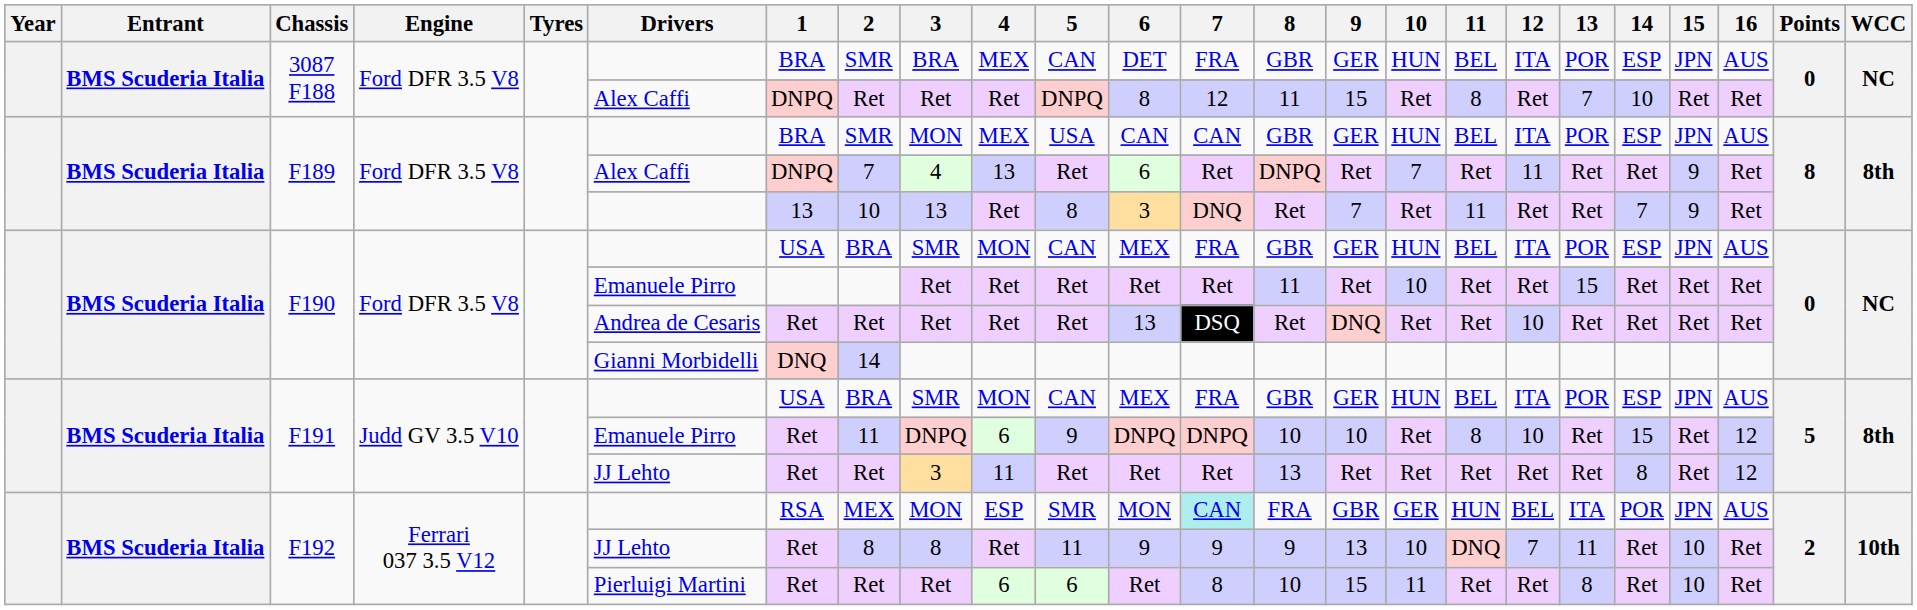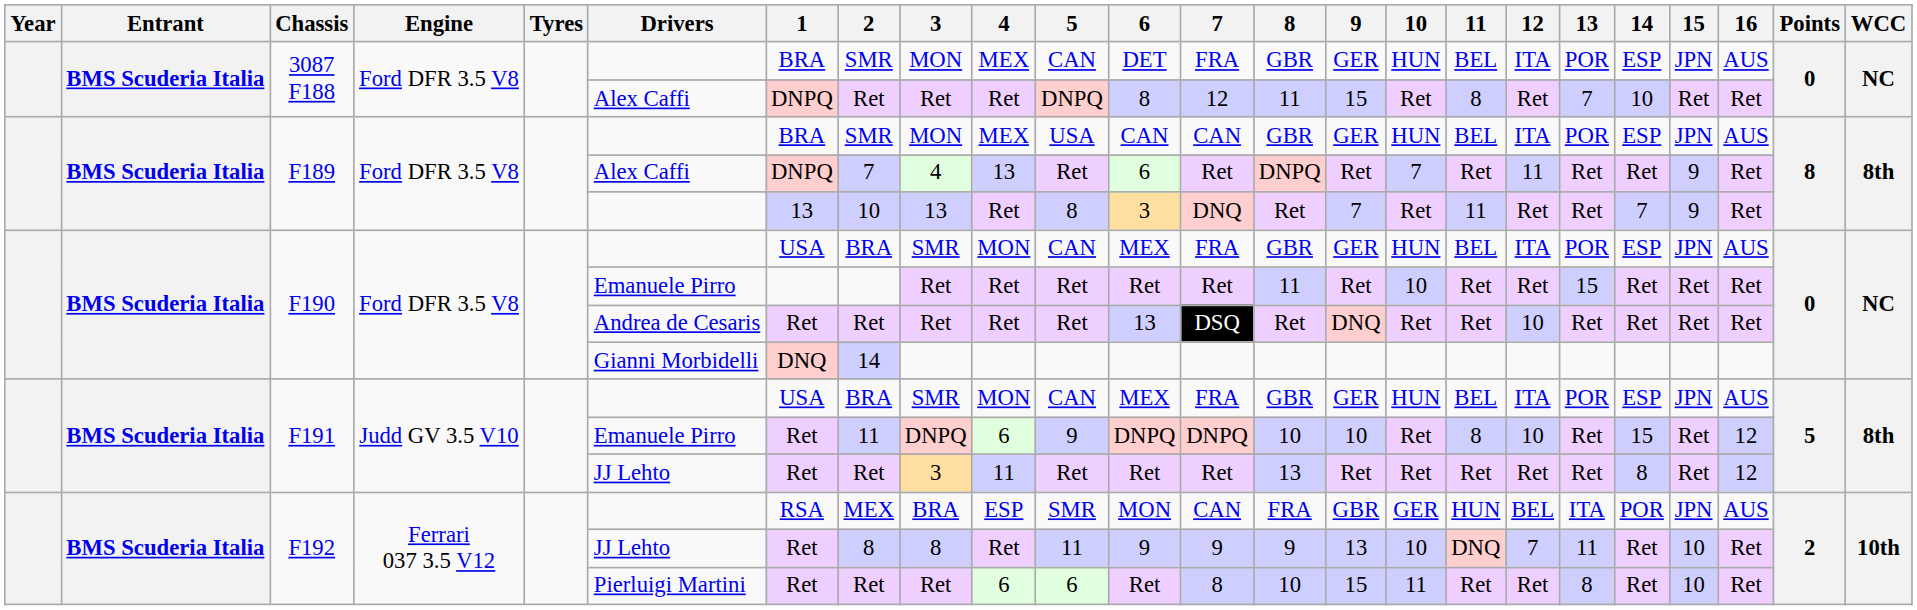 <table class="wikitable" style="text-align:center; font-size:85%">
 <tr>
 <th>Year</th>
 <th>Entrant</th>
 <th>Chassis</th>
 <th>Engine</th>
 <th>Tyres</th>
 <th>Drivers</th>
 <th>1</th>
 <th>2</th>
 <th>3</th>
 <th>4</th>
 <th>5</th>
 <th>6</th>
 <th>7</th>
 <th>8</th>
 <th>9</th>
 <th>10</th>
 <th>11</th>
 <th>12</th>
 <th>13</th>
 <th>14</th>
 <th>15</th>
 <th>16</th>
 <th>Points</th>
 <th>WCC</th>
 </tr>
 <tr>
 <th rowspan="2"></th>
 <th rowspan="2"><a href='#'>BMS Scuderia Italia</a></th>
 <td rowspan="2"><a href='#'>3087</a><br><a href='#'>F188</a></td>
 <td rowspan="2"><a href='#'>Ford</a> DFR 3.5 <a href='#'>V8</a></td>
 <td rowspan="2"></td>
 <td></td>
 <td><a href='#'>BRA</a></td>
 <td><a href='#'>SMR</a></td>
-<td><a href='#'>BRA</a></td>
+<td><a href='#'>MON</a></td>
 <td><a href='#'>MEX</a></td>
 <td><a href='#'>CAN</a></td>
 <td><a href='#'>DET</a></td>
 <td><a href='#'>FRA</a></td>
 <td><a href='#'>GBR</a></td>
 <td><a href='#'>GER</a></td>
 <td><a href='#'>HUN</a></td>
 <td><a href='#'>BEL</a></td>
 <td><a href='#'>ITA</a></td>
 <td><a href='#'>POR</a></td>
 <td><a href='#'>ESP</a></td>
 <td><a href='#'>JPN</a></td>
 <td><a href='#'>AUS</a></td>
 <th rowspan="2">0</th>
 <th rowspan="2">NC</th>
 </tr>
 <tr>
 <td align="left"> <a href='#'>Alex Caffi</a></td>
 <td style="background:#FFCFCF;">DNPQ</td>
 <td style="background:#EFCFFF;">Ret</td>
 <td style="background:#EFCFFF;">Ret</td>
 <td style="background:#EFCFFF;">Ret</td>
 <td style="background:#FFCFCF;">DNPQ</td>
 <td style="background:#CFCFFF;">8</td>
 <td style="background:#CFCFFF;">12</td>
 <td style="background:#CFCFFF;">11</td>
 <td style="background:#CFCFFF;">15</td>
 <td style="background:#EFCFFF;">Ret</td>
 <td style="background:#CFCFFF;">8</td>
 <td style="background:#EFCFFF;">Ret</td>
 <td style="background:#CFCFFF;">7</td>
 <td style="background:#CFCFFF;">10</td>
 <td style="background:#EFCFFF;">Ret</td>
 <td style="background:#EFCFFF;">Ret</td>
 </tr>
 <tr>
 <th rowspan="3"></th>
 <th rowspan="3"><a href='#'>BMS Scuderia Italia</a></th>
 <td rowspan="3"><a href='#'>F189</a></td>
 <td rowspan="3"><a href='#'>Ford</a> DFR 3.5 <a href='#'>V8</a></td>
 <td rowspan="3"></td>
 <td></td>
 <td><a href='#'>BRA</a></td>
 <td><a href='#'>SMR</a></td>
 <td><a href='#'>MON</a></td>
 <td><a href='#'>MEX</a></td>
 <td><a href='#'>USA</a></td>
 <td><a href='#'>CAN</a></td>
 <td><a href='#'>CAN</a></td>
 <td><a href='#'>GBR</a></td>
 <td><a href='#'>GER</a></td>
 <td><a href='#'>HUN</a></td>
 <td><a href='#'>BEL</a></td>
 <td><a href='#'>ITA</a></td>
 <td><a href='#'>POR</a></td>
 <td><a href='#'>ESP</a></td>
 <td><a href='#'>JPN</a></td>
 <td><a href='#'>AUS</a></td>
 <th rowspan="3">8</th>
 <th rowspan="3">8th</th>
 </tr>
 <tr>
 <td align="left"> <a href='#'>Alex Caffi</a></td>
 <td style="background:#FFCFCF;">DNPQ</td>
 <td style="background:#CFCFFF;">7</td>
 <td style="background:#DFFFDF;">4</td>
 <td style="background:#CFCFFF;">13</td>
 <td style="background:#EFCFFF;">Ret</td>
 <td style="background:#DFFFDF;">6</td>
 <td style="background:#EFCFFF;">Ret</td>
 <td style="background:#FFCFCF;">DNPQ</td>
 <td style="background:#EFCFFF;">Ret</td>
 <td style="background:#CFCFFF;">7</td>
 <td style="background:#EFCFFF;">Ret</td>
 <td style="background:#CFCFFF;">11</td>
 <td style="background:#EFCFFF;">Ret</td>
 <td style="background:#EFCFFF;">Ret</td>
 <td style="background:#CFCFFF;">9</td>
 <td style="background:#EFCFFF;">Ret</td>
 </tr>
 <tr>
 <td align="left"></td>
 <td style="background:#CFCFFF;">13</td>
 <td style="background:#CFCFFF;">10</td>
 <td style="background:#CFCFFF;">13</td>
 <td style="background:#EFCFFF;">Ret</td>
 <td style="background:#CFCFFF;">8</td>
 <td style="background:#FFDF9F;">3</td>
 <td style="background:#FFCFCF;">DNQ</td>
 <td style="background:#EFCFFF;">Ret</td>
 <td style="background:#CFCFFF;">7</td>
 <td style="background:#EFCFFF;">Ret</td>
 <td style="background:#CFCFFF;">11</td>
 <td style="background:#EFCFFF;">Ret</td>
 <td style="background:#EFCFFF;">Ret</td>
 <td style="background:#CFCFFF;">7</td>
 <td style="background:#CFCFFF;">9</td>
 <td style="background:#EFCFFF;">Ret</td>
 </tr>
 <tr>
 <th rowspan="4"></th>
 <th rowspan="4"><a href='#'>BMS Scuderia Italia</a></th>
 <td rowspan="4"><a href='#'>F190</a></td>
 <td rowspan="4"><a href='#'>Ford</a> DFR 3.5 <a href='#'>V8</a></td>
 <td rowspan="4"></td>
 <td></td>
 <td><a href='#'>USA</a></td>
 <td><a href='#'>BRA</a></td>
 <td><a href='#'>SMR</a></td>
 <td><a href='#'>MON</a></td>
 <td><a href='#'>CAN</a></td>
 <td><a href='#'>MEX</a></td>
 <td><a href='#'>FRA</a></td>
 <td><a href='#'>GBR</a></td>
 <td><a href='#'>GER</a></td>
 <td><a href='#'>HUN</a></td>
 <td><a href='#'>BEL</a></td>
 <td><a href='#'>ITA</a></td>
 <td><a href='#'>POR</a></td>
 <td><a href='#'>ESP</a></td>
 <td><a href='#'>JPN</a></td>
 <td><a href='#'>AUS</a></td>
 <th rowspan="4">0</th>
 <th rowspan="4">NC</th>
 </tr>
 <tr>
 <td align="left"> <a href='#'>Emanuele Pirro</a></td>
 <td></td>
 <td></td>
 <td style="background:#EFCFFF;">Ret</td>
 <td style="background:#EFCFFF;">Ret</td>
 <td style="background:#EFCFFF;">Ret</td>
 <td style="background:#EFCFFF;">Ret</td>
 <td style="background:#EFCFFF;">Ret</td>
 <td style="background:#CFCFFF;">11</td>
 <td style="background:#EFCFFF;">Ret</td>
 <td style="background:#CFCFFF;">10</td>
 <td style="background:#EFCFFF;">Ret</td>
 <td style="background:#EFCFFF;">Ret</td>
 <td style="background:#CFCFFF;">15</td>
 <td style="background:#EFCFFF;">Ret</td>
 <td style="background:#EFCFFF;">Ret</td>
 <td style="background:#EFCFFF;">Ret</td>
 </tr>
 <tr>
 <td align="left"> <a href='#'>Andrea de Cesaris</a></td>
 <td style="background:#EFCFFF;">Ret</td>
 <td style="background:#EFCFFF;">Ret</td>
 <td style="background:#EFCFFF;">Ret</td>
 <td style="background:#EFCFFF;">Ret</td>
 <td style="background:#EFCFFF;">Ret</td>
 <td style="background:#CFCFFF;">13</td>
 <td style="background:#000000; color:white">DSQ</td>
 <td style="background:#EFCFFF;">Ret</td>
 <td style="background:#FFCFCF;">DNQ</td>
 <td style="background:#EFCFFF;">Ret</td>
 <td style="background:#EFCFFF;">Ret</td>
 <td style="background:#CFCFFF;">10</td>
 <td style="background:#EFCFFF;">Ret</td>
 <td style="background:#EFCFFF;">Ret</td>
 <td style="background:#EFCFFF;">Ret</td>
 <td style="background:#EFCFFF;">Ret</td>
 </tr>
 <tr>
 <td align="left"> <a href='#'>Gianni Morbidelli</a></td>
 <td style="background:#FFCFCF;">DNQ</td>
 <td style="background:#CFCFFF;">14</td>
 <td></td>
 <td></td>
 <td></td>
 <td></td>
 <td></td>
 <td></td>
 <td></td>
 <td></td>
 <td></td>
 <td></td>
 <td></td>
 <td></td>
 <td></td>
 <td></td>
 </tr>
 <tr>
 <th rowspan="3"></th>
 <th rowspan="3"><a href='#'>BMS Scuderia Italia</a></th>
 <td rowspan="3"><a href='#'>F191</a></td>
 <td rowspan="3"><a href='#'>Judd</a> GV 3.5 <a href='#'>V10</a></td>
 <td rowspan="3"></td>
 <td></td>
 <td><a href='#'>USA</a></td>
 <td><a href='#'>BRA</a></td>
 <td><a href='#'>SMR</a></td>
 <td><a href='#'>MON</a></td>
 <td><a href='#'>CAN</a></td>
 <td><a href='#'>MEX</a></td>
 <td><a href='#'>FRA</a></td>
 <td><a href='#'>GBR</a></td>
 <td><a href='#'>GER</a></td>
 <td><a href='#'>HUN</a></td>
 <td><a href='#'>BEL</a></td>
 <td><a href='#'>ITA</a></td>
 <td><a href='#'>POR</a></td>
 <td><a href='#'>ESP</a></td>
 <td><a href='#'>JPN</a></td>
 <td><a href='#'>AUS</a></td>
 <th rowspan="3">5</th>
 <th rowspan="3">8th</th>
 </tr>
 <tr>
 <td align="left"> <a href='#'>Emanuele Pirro</a></td>
 <td style="background:#EFCFFF;">Ret</td>
 <td style="background:#CFCFFF;">11</td>
 <td style="background:#FFCFCF;">DNPQ</td>
 <td style="background:#DFFFDF;">6</td>
 <td style="background:#CFCFFF;">9</td>
 <td style="background:#FFCFCF;">DNPQ</td>
 <td style="background:#FFCFCF;">DNPQ</td>
 <td style="background:#CFCFFF;">10</td>
 <td style="background:#CFCFFF;">10</td>
 <td style="background:#EFCFFF;">Ret</td>
 <td style="background:#CFCFFF;">8</td>
 <td style="background:#CFCFFF;">10</td>
 <td style="background:#EFCFFF;">Ret</td>
 <td style="background:#CFCFFF;">15</td>
 <td style="background:#EFCFFF;">Ret</td>
 <td style="background:#CFCFFF;">12</td>
 </tr>
 <tr>
 <td align="left"> <a href='#'>JJ Lehto</a></td>
 <td style="background:#EFCFFF;">Ret</td>
 <td style="background:#EFCFFF;">Ret</td>
 <td style="background:#FFDF9F;">3</td>
 <td style="background:#CFCFFF;">11</td>
 <td style="background:#EFCFFF;">Ret</td>
 <td style="background:#EFCFFF;">Ret</td>
 <td style="background:#EFCFFF;">Ret</td>
 <td style="background:#CFCFFF;">13</td>
 <td style="background:#EFCFFF;">Ret</td>
 <td style="background:#EFCFFF;">Ret</td>
 <td style="background:#EFCFFF;">Ret</td>
 <td style="background:#EFCFFF;">Ret</td>
 <td style="background:#EFCFFF;">Ret</td>
 <td style="background:#CFCFFF;">8</td>
 <td style="background:#EFCFFF;">Ret</td>
 <td style="background:#CFCFFF;">12</td>
 </tr>
 <tr>
 <th rowspan="3"></th>
 <th rowspan="3"><a href='#'>BMS Scuderia Italia</a></th>
 <td rowspan="3"><a href='#'>F192</a></td>
 <td rowspan="3"><a href='#'>Ferrari</a> <br>037 3.5 <a href='#'>V12</a></td>
 <td rowspan="3"></td>
 <td></td>
 <td><a href='#'>RSA</a></td>
 <td><a href='#'>MEX</a></td>
-<td><a href='#'>MON</a></td>
+<td><a href='#'>BRA</a></td>
 <td><a href='#'>ESP</a></td>
 <td><a href='#'>SMR</a></td>
 <td><a href='#'>MON</a></td>
-<td style="background: paleturquoise;"><a href='#'>CAN</a></td>
+<td><a href='#'>CAN</a></td>
 <td><a href='#'>FRA</a></td>
 <td><a href='#'>GBR</a></td>
 <td><a href='#'>GER</a></td>
 <td><a href='#'>HUN</a></td>
 <td><a href='#'>BEL</a></td>
 <td><a href='#'>ITA</a></td>
 <td><a href='#'>POR</a></td>
 <td><a href='#'>JPN</a></td>
 <td><a href='#'>AUS</a></td>
 <th rowspan="3">2</th>
 <th rowspan="3">10th</th>
 </tr>
 <tr>
 <td align="left"> <a href='#'>JJ Lehto</a></td>
 <td style="background:#EFCFFF;">Ret</td>
 <td style="background:#CFCFFF;">8</td>
 <td style="background:#CFCFFF;">8</td>
 <td style="background:#EFCFFF;">Ret</td>
 <td style="background:#CFCFFF;">11</td>
 <td style="background:#CFCFFF;">9</td>
 <td style="background:#CFCFFF;">9</td>
 <td style="background:#CFCFFF;">9</td>
 <td style="background:#CFCFFF;">13</td>
 <td style="background:#CFCFFF;">10</td>
 <td style="background:#FFCFCF;">DNQ</td>
 <td style="background:#CFCFFF;">7</td>
 <td style="background:#CFCFFF;">11</td>
 <td style="background:#EFCFFF;">Ret</td>
 <td style="background:#CFCFFF;">10</td>
 <td style="background:#EFCFFF;">Ret</td>
 </tr>
 <tr>
 <td align="left"> <a href='#'>Pierluigi Martini</a></td>
 <td style="background:#EFCFFF;">Ret</td>
 <td style="background:#EFCFFF;">Ret</td>
 <td style="background:#EFCFFF;">Ret</td>
 <td style="background:#DFFFDF;">6</td>
 <td style="background:#DFFFDF;">6</td>
 <td style="background:#EFCFFF;">Ret</td>
 <td style="background:#CFCFFF;">8</td>
 <td style="background:#CFCFFF;">10</td>
 <td style="background:#CFCFFF;">15</td>
 <td style="background:#CFCFFF;">11</td>
 <td style="background:#EFCFFF;">Ret</td>
 <td style="background:#EFCFFF;">Ret</td>
 <td style="background:#CFCFFF;">8</td>
 <td style="background:#EFCFFF;">Ret</td>
 <td style="background:#CFCFFF;">10</td>
 <td style="background:#EFCFFF;">Ret</td>
 </tr>
 </table>
